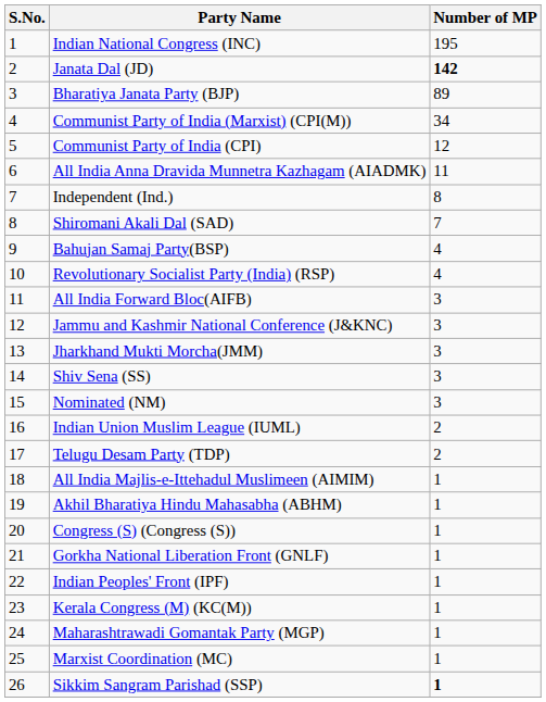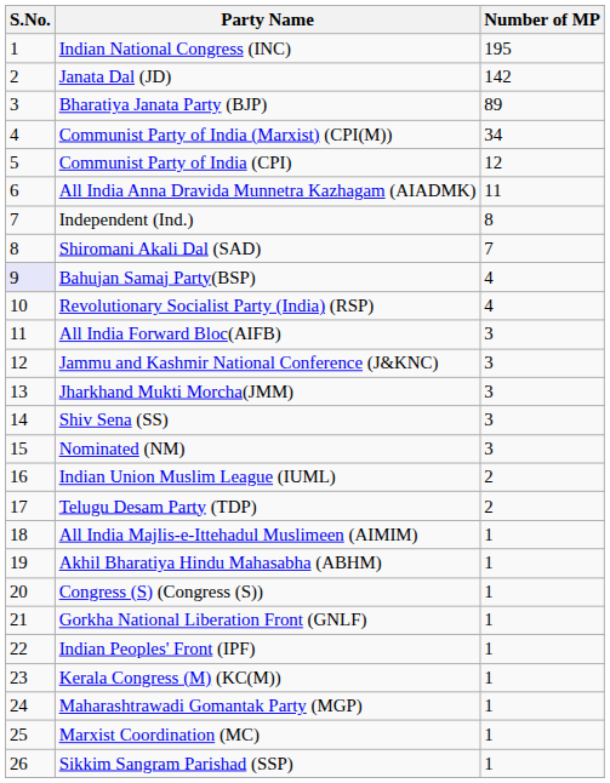 <table class="wikitable sortable">
 <tr>
 <th>S.No.</th>
 <th>Party Name</th>
 <th>Number of MP</th>
 </tr>
 <tr>
 <td>1</td>
 <td><a href='#'>Indian National Congress</a> (INC)</td>
 <td>195</td>
 </tr>
 <tr>
 <td>2</td>
 <td><a href='#'>Janata Dal</a> (JD)</td>
-<td><strong>142</strong></td>
+<td>142</td>
 </tr>
 <tr>
 <td>3</td>
 <td><a href='#'>Bharatiya Janata Party</a> (BJP)</td>
 <td>89</td>
 </tr>
 <tr>
 <td>4</td>
 <td><a href='#'>Communist Party of India (Marxist)</a> (CPI(M))</td>
 <td>34</td>
 </tr>
 <tr>
 <td>5</td>
 <td><a href='#'>Communist Party of India</a> (CPI)</td>
 <td>12</td>
 </tr>
 <tr>
 <td>6</td>
 <td><a href='#'>All India Anna Dravida Munnetra Kazhagam</a> (AIADMK)</td>
 <td>11</td>
 </tr>
 <tr>
 <td>7</td>
 <td>Independent (Ind.)</td>
 <td>8</td>
 </tr>
 <tr>
 <td>8</td>
 <td><a href='#'>Shiromani Akali Dal</a> (SAD)</td>
 <td>7</td>
 </tr>
 <tr>
-<td>9</td>
+<td style="background: lavender;">9</td>
 <td><a href='#'>Bahujan Samaj Party</a>(BSP)</td>
 <td>4</td>
 </tr>
 <tr>
 <td>10</td>
 <td><a href='#'>Revolutionary Socialist Party (India)</a> (RSP)</td>
 <td>4</td>
 </tr>
 <tr>
 <td>11</td>
 <td><a href='#'>All India Forward Bloc</a>(AIFB)</td>
 <td>3</td>
 </tr>
 <tr>
 <td>12</td>
 <td><a href='#'>Jammu and Kashmir National Conference</a> (J&KNC)</td>
 <td>3</td>
 </tr>
 <tr>
 <td>13</td>
 <td><a href='#'>Jharkhand Mukti Morcha</a>(JMM)</td>
 <td>3</td>
 </tr>
 <tr>
 <td>14</td>
 <td><a href='#'>Shiv Sena</a> (SS)</td>
 <td>3</td>
 </tr>
 <tr>
 <td>15</td>
 <td><a href='#'>Nominated</a> (NM)</td>
 <td>3</td>
 </tr>
 <tr>
 <td>16</td>
 <td><a href='#'>Indian Union Muslim League</a> (IUML)</td>
 <td>2</td>
 </tr>
 <tr>
 <td>17</td>
 <td><a href='#'>Telugu Desam Party</a> (TDP)</td>
 <td>2</td>
 </tr>
 <tr>
 <td>18</td>
 <td><a href='#'>All India Majlis-e-Ittehadul Muslimeen</a> (AIMIM)</td>
 <td>1</td>
 </tr>
 <tr>
 <td>19</td>
 <td><a href='#'>Akhil Bharatiya Hindu Mahasabha</a> (ABHM)</td>
 <td>1</td>
 </tr>
 <tr>
 <td>20</td>
 <td><a href='#'>Congress (S)</a> (Congress (S))</td>
 <td>1</td>
 </tr>
 <tr>
 <td>21</td>
 <td><a href='#'>Gorkha National Liberation Front</a> (GNLF)</td>
 <td>1</td>
 </tr>
 <tr>
 <td>22</td>
 <td><a href='#'>Indian Peoples' Front</a> (IPF)</td>
 <td>1</td>
 </tr>
 <tr>
 <td>23</td>
 <td><a href='#'>Kerala Congress (M)</a> (KC(M))</td>
 <td>1</td>
 </tr>
 <tr>
 <td>24</td>
 <td><a href='#'>Maharashtrawadi Gomantak Party</a> (MGP)</td>
 <td>1</td>
 </tr>
 <tr>
 <td>25</td>
 <td><a href='#'>Marxist Coordination</a> (MC)</td>
 <td>1</td>
 </tr>
 <tr>
 <td>26</td>
 <td><a href='#'>Sikkim Sangram Parishad</a> (SSP)</td>
-<td><strong>1</strong></td>
+<td>1</td>
 </tr>
 <tr>
 </tr>
 </table>
